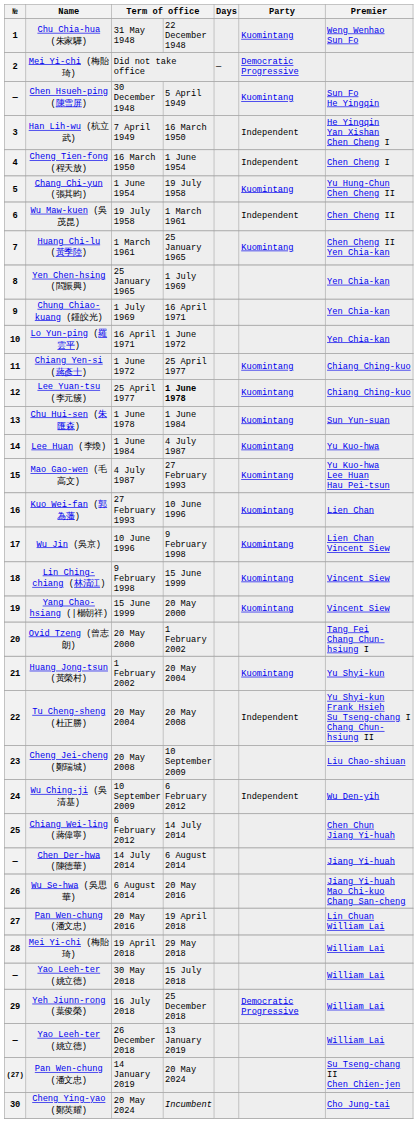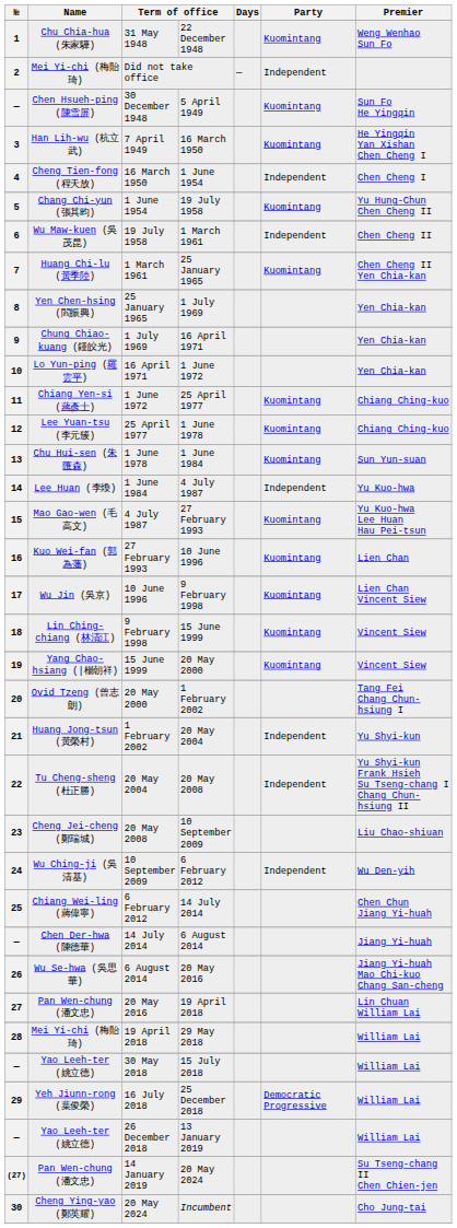 <table class="wikitable">
 <tr ->
 <th>№</th>
 <th width="180">Name</th>
 <th colspan=2 width="180">Term of office</th>
 <th>Days</th>
 <th width="150">Party</th>
 <th width="180">Premier</th>
 </tr>
 <tr ->
 </tr>
 <tr - bgcolor=#EEEEEE>
 <th style="background:">1</th>
 <td align=center><a href='#'>Chu Chia-hua</a> (朱家驊)</td>
 <td>31 May 1948</td>
 <td>22 December 1948</td>
 <td></td>
 <td><a href='#'>Kuomintang</a></td>
 <td><a href='#'>Weng Wenhao</a><br><a href='#'>Sun Fo</a></td>
 </tr>
 <tr ->
 </tr>
 <tr - bgcolor=#EEEEEE>
 <th style="background:">2</th>
 <td align=center><a href='#'>Mei Yi-chi</a> (梅貽琦)</td>
 <td colspan=2>Did not take office</td>
 <td>—</td>
-<td><a href='#'>Democratic Progressive</a></td>
+<td>Independent</td>
 <td></td>
 </tr>
 <tr ->
 </tr>
 <tr - bgcolor=#EEEEEE>
 <th style="background:">—</th>
 <td align=center><a href='#'>Chen Hsueh-ping</a> (<a href='#'>陳雪屏</a>)</td>
 <td>30 December 1948</td>
 <td>5 April 1949</td>
 <td></td>
 <td><a href='#'>Kuomintang</a></td>
 <td><a href='#'>Sun Fo</a><br><a href='#'>He Yingqin</a></td>
 </tr>
 <tr ->
 </tr>
 <tr - bgcolor=#EEEEEE>
 <th style="background:">3</th>
 <td align=center><a href='#'>Han Lih-wu</a> (杭立武)</td>
 <td>7 April 1949</td>
 <td>16 March 1950</td>
 <td></td>
-<td>Independent</td>
+<td><a href='#'>Kuomintang</a></td>
 <td><a href='#'>He Yingqin</a><br><a href='#'>Yan Xishan</a><br><a href='#'>Chen Cheng</a> I</td>
 </tr>
 <tr ->
 </tr>
 <tr - bgcolor=#EEEEEE>
 <th style="background:">4</th>
 <td align=center><a href='#'>Cheng Tien-fong</a> (程天放)</td>
 <td>16 March 1950</td>
 <td>1 June 1954</td>
 <td></td>
 <td>Independent</td>
 <td><a href='#'>Chen Cheng</a> I</td>
 </tr>
 <tr ->
 </tr>
 <tr - bgcolor=#EEEEEE>
 <th style="background:">5</th>
 <td align=center><a href='#'>Chang Chi-yun</a> (張其昀)</td>
 <td>1 June 1954</td>
 <td>19 July 1958</td>
 <td></td>
 <td><a href='#'>Kuomintang</a></td>
 <td><a href='#'>Yu Hung-Chun</a><br><a href='#'>Chen Cheng</a> II</td>
 </tr>
 <tr ->
 </tr>
 <tr - bgcolor=#EEEEEE>
 <th style="background:">6</th>
 <td align=center><a href='#'>Wu Maw-kuen</a> (吳茂昆)</td>
 <td>19 July 1958</td>
 <td>1 March 1961</td>
 <td></td>
 <td>Independent</td>
 <td><a href='#'>Chen Cheng</a> II</td>
 </tr>
 <tr ->
 </tr>
 <tr - bgcolor=#EEEEEE>
 <th style="background:">7</th>
 <td align=center><a href='#'>Huang Chi-lu</a> (<a href='#'>黃季陸</a>)</td>
 <td>1 March 1961</td>
 <td>25 January 1965</td>
 <td></td>
 <td><a href='#'>Kuomintang</a></td>
 <td><a href='#'>Chen Cheng</a> II <br><a href='#'>Yen Chia-kan</a></td>
 </tr>
 <tr ->
 </tr>
 <tr - bgcolor=#EEEEEE>
 <th style="background:">8</th>
 <td align=center><a href='#'>Yen Chen-hsing</a> (閻振興)</td>
 <td>25 January 1965</td>
 <td>1 July 1969</td>
 <td></td>
 <td></td>
 <td><a href='#'>Yen Chia-kan</a></td>
 </tr>
 <tr ->
 </tr>
 <tr - bgcolor=#EEEEEE>
 <th style="background:">9</th>
 <td align=center><a href='#'>Chung Chiao-kuang</a> (鍾皎光)</td>
 <td>1 July 1969</td>
 <td>16 April 1971</td>
 <td></td>
 <td></td>
 <td><a href='#'>Yen Chia-kan</a></td>
 </tr>
 <tr ->
 </tr>
 <tr - bgcolor=#EEEEEE>
 <th style="background:">10</th>
 <td align=center><a href='#'>Lo Yun-ping</a> (<a href='#'>羅雲平</a>)</td>
 <td>16 April 1971</td>
 <td>1 June 1972</td>
 <td></td>
 <td></td>
 <td><a href='#'>Yen Chia-kan</a></td>
 </tr>
 <tr ->
 </tr>
 <tr - bgcolor=#EEEEEE>
 <th style="background:">11</th>
 <td align=center><a href='#'>Chiang Yen-si</a> (<a href='#'>蔣彥士</a>)</td>
 <td>1 June 1972</td>
 <td>25 April 1977</td>
 <td></td>
 <td><a href='#'>Kuomintang</a></td>
 <td><a href='#'>Chiang Ching-kuo</a></td>
 </tr>
 <tr ->
 </tr>
 <tr - bgcolor=#EEEEEE>
 <th style="background:">12</th>
 <td align=center><a href='#'>Lee Yuan-tsu</a> (李元簇)</td>
 <td>25 April 1977</td>
-<td><strong>1 June 1978</strong></td>
+<td>1 June 1978</td>
 <td></td>
 <td><a href='#'>Kuomintang</a></td>
 <td><a href='#'>Chiang Ching-kuo</a></td>
 </tr>
 <tr ->
 </tr>
 <tr - bgcolor=#EEEEEE>
 <th style="background:">13</th>
 <td align=center><a href='#'>Chu Hui-sen</a> (<a href='#'>朱匯森</a>)</td>
 <td>1 June 1978</td>
 <td>1 June 1984</td>
 <td></td>
 <td><a href='#'>Kuomintang</a></td>
 <td><a href='#'>Sun Yun-suan</a></td>
 </tr>
 <tr ->
 </tr>
 <tr - bgcolor=#EEEEEE>
 <th style="background:">14</th>
 <td align=center><a href='#'>Lee Huan</a> (李煥)</td>
 <td>1 June 1984</td>
 <td>4 July 1987</td>
 <td></td>
-<td><a href='#'>Kuomintang</a></td>
+<td>Independent</td>
 <td><a href='#'>Yu Kuo-hwa</a></td>
 </tr>
 <tr ->
 </tr>
 <tr - bgcolor=#EEEEEE>
 <th style="background:">15</th>
 <td align=center><a href='#'>Mao Gao-wen</a> (毛高文)</td>
 <td>4 July 1987</td>
 <td>27 February 1993</td>
 <td></td>
 <td><a href='#'>Kuomintang</a></td>
 <td><a href='#'>Yu Kuo-hwa</a><br><a href='#'>Lee Huan</a><br><a href='#'>Hau Pei-tsun</a></td>
 </tr>
 <tr ->
 </tr>
 <tr - bgcolor=#EEEEEE>
 <th style="background:">16</th>
 <td align=center><a href='#'>Kuo Wei-fan</a> (<a href='#'>郭為藩</a>)</td>
 <td>27 February 1993</td>
 <td>10 June 1996</td>
 <td></td>
 <td><a href='#'>Kuomintang</a></td>
 <td><a href='#'>Lien Chan</a></td>
 </tr>
 <tr ->
 </tr>
 <tr - bgcolor=#EEEEEE>
 <th style="background:">17</th>
 <td align=center><a href='#'>Wu Jin</a>  (吳京)</td>
 <td>10 June 1996</td>
 <td>9 February 1998</td>
 <td></td>
 <td><a href='#'>Kuomintang</a></td>
 <td><a href='#'>Lien Chan</a><br><a href='#'>Vincent Siew</a></td>
 </tr>
 <tr ->
 </tr>
 <tr - bgcolor=#EEEEEE>
 <th style="background:">18</th>
 <td align=center><a href='#'>Lin Ching-chiang</a> (<a href='#'>林清江</a>)</td>
 <td>9 February 1998</td>
 <td>15 June 1999</td>
 <td></td>
 <td><a href='#'>Kuomintang</a></td>
 <td><a href='#'>Vincent Siew</a></td>
 </tr>
 <tr ->
 </tr>
 <tr - bgcolor=#EEEEEE>
 <th style="background:">19</th>
 <td align=center><a href='#'>Yang Chao-hsiang</a>  (|楊朝祥)</td>
 <td>15 June 1999</td>
 <td>20 May 2000</td>
 <td></td>
 <td><a href='#'>Kuomintang</a></td>
 <td><a href='#'>Vincent Siew</a></td>
 </tr>
 <tr ->
 </tr>
 <tr - bgcolor=#EEEEEE>
 <th style="background:">20</th>
 <td align=center><a href='#'>Ovid Tzeng</a>  (曾志朗)</td>
 <td>20 May 2000</td>
 <td>1 February 2002</td>
 <td></td>
 <td></td>
 <td><a href='#'>Tang Fei</a><br><a href='#'>Chang Chun-hsiung</a> I</td>
 </tr>
 <tr ->
 </tr>
 <tr - bgcolor=#EEEEEE>
 <th style="background:">21</th>
 <td align=center><a href='#'>Huang Jong-tsun</a> (黃榮村)</td>
 <td>1 February 2002</td>
 <td>20 May 2004</td>
 <td></td>
-<td><a href='#'>Kuomintang</a></td>
+<td>Independent</td>
 <td><a href='#'>Yu Shyi-kun</a></td>
 </tr>
 <tr ->
 </tr>
 <tr - bgcolor=#EEEEEE>
 <th style="background:">22</th>
 <td align=center><a href='#'>Tu Cheng-sheng</a> (杜正勝)</td>
 <td>20 May 2004</td>
 <td>20 May 2008</td>
 <td></td>
 <td>Independent</td>
 <td><a href='#'>Yu Shyi-kun</a><br><a href='#'>Frank Hsieh</a><br><a href='#'>Su Tseng-chang</a> I<br><a href='#'>Chang Chun-hsiung</a> II</td>
 </tr>
 <tr ->
 </tr>
 <tr - bgcolor=#EEEEEE>
 <th style="background:">23</th>
 <td align=center><a href='#'>Cheng Jei-cheng</a> (鄭瑞城)</td>
 <td>20 May 2008</td>
 <td>10 September 2009</td>
 <td></td>
 <td></td>
 <td><a href='#'>Liu Chao-shiuan</a></td>
 </tr>
 <tr ->
 </tr>
 <tr - bgcolor=#EEEEEE>
 <th style="background:">24</th>
 <td align=center><a href='#'>Wu Ching-ji</a> (吳清基)</td>
 <td>10 September 2009</td>
 <td>6 February 2012</td>
 <td></td>
 <td>Independent</td>
 <td><a href='#'>Wu Den-yih</a></td>
 </tr>
 <tr ->
 </tr>
 <tr - bgcolor=#EEEEEE>
 <th style="background:">25</th>
 <td align=center><a href='#'>Chiang Wei-ling</a> (蔣偉寧)</td>
 <td>6 February 2012</td>
 <td>14 July 2014</td>
 <td></td>
 <td></td>
 <td><a href='#'>Chen Chun</a><br><a href='#'>Jiang Yi-huah</a></td>
 </tr>
 <tr ->
 </tr>
 <tr - bgcolor=#EEEEEE>
 <th style="background:">—</th>
 <td align=center><a href='#'>Chen Der-hwa</a>  (陳德華)</td>
 <td>14 July 2014</td>
 <td>6 August 2014</td>
 <td></td>
 <td></td>
 <td><a href='#'>Jiang Yi-huah</a></td>
 </tr>
 <tr ->
 </tr>
 <tr - bgcolor=#EEEEEE>
 <th style="background:">26</th>
 <td align=center><a href='#'>Wu Se-hwa</a>  (吳思華)</td>
 <td>6 August 2014</td>
 <td>20 May 2016</td>
 <td></td>
 <td></td>
 <td><a href='#'>Jiang Yi-huah</a><br><a href='#'>Mao Chi-kuo</a><br><a href='#'>Chang San-cheng</a></td>
 </tr>
 <tr ->
 </tr>
 <tr - bgcolor=#EEEEEE>
 <th style="background:">27</th>
 <td align=center><a href='#'>Pan Wen-chung</a> (潘文忠)</td>
 <td>20 May 2016</td>
 <td>19 April 2018</td>
 <td></td>
 <td></td>
 <td><a href='#'>Lin Chuan</a><br><a href='#'>William Lai</a></td>
 </tr>
 <tr ->
 </tr>
 <tr - bgcolor=#EEEEEE>
 <th style="background:">28</th>
 <td align=center><a href='#'>Mei Yi-chi</a> (梅貽琦)</td>
 <td>19 April 2018</td>
 <td>29 May 2018</td>
 <td></td>
 <td></td>
 <td><a href='#'>William Lai</a></td>
 </tr>
 <tr ->
 </tr>
 <tr - bgcolor=#EEEEEE>
 <th style="background:">—</th>
 <td align=center><a href='#'>Yao Leeh-ter</a> (姚立德)</td>
 <td>30 May 2018</td>
 <td>15 July 2018</td>
 <td></td>
 <td></td>
 <td><a href='#'>William Lai</a></td>
 </tr>
 <tr ->
 </tr>
 <tr - bgcolor=#EEEEEE>
 <th style="background:">29</th>
 <td align=center><a href='#'>Yeh Jiunn-rong</a> (葉俊榮)</td>
 <td>16 July 2018</td>
 <td>25 December 2018</td>
 <td></td>
 <td><a href='#'>Democratic Progressive</a></td>
 <td><a href='#'>William Lai</a></td>
 </tr>
 <tr ->
 </tr>
 <tr - bgcolor=#EEEEEE>
 <th style="background:">—</th>
 <td align=center><a href='#'>Yao Leeh-ter</a> (姚立德)</td>
 <td>26 December 2018</td>
 <td>13 January 2019</td>
 <td></td>
 <td></td>
 <td><a href='#'>William Lai</a></td>
 </tr>
 <tr ->
 </tr>
 <tr - bgcolor=#EEEEEE>
 <th style="background:"><small>(27)</small></th>
 <td align=center><a href='#'>Pan Wen-chung</a> (潘文忠)</td>
 <td>14 January 2019</td>
 <td>20 May 2024</td>
 <td></td>
 <td></td>
 <td><a href='#'>Su Tseng-chang</a> II<br><a href='#'>Chen Chien-jen</a></td>
 </tr>
 <tr ->
 </tr>
 <tr - bgcolor=#EEEEEE>
 <th style="background:">30</th>
 <td align=center><a href='#'>Cheng Ying-yao</a> (鄭英耀)</td>
 <td>20 May 2024</td>
 <td><em>Incumbent</em></td>
 <td></td>
 <td></td>
 <td><a href='#'>Cho Jung-tai</a></td>
 </tr>
 <tr ->
 </tr>
 </table>
